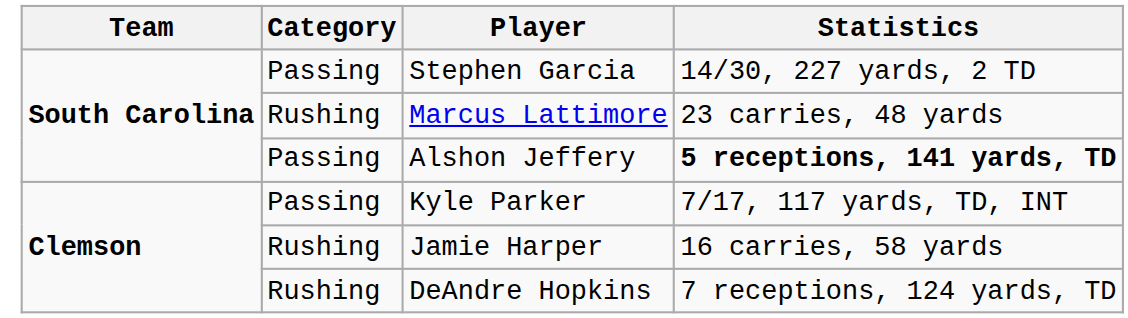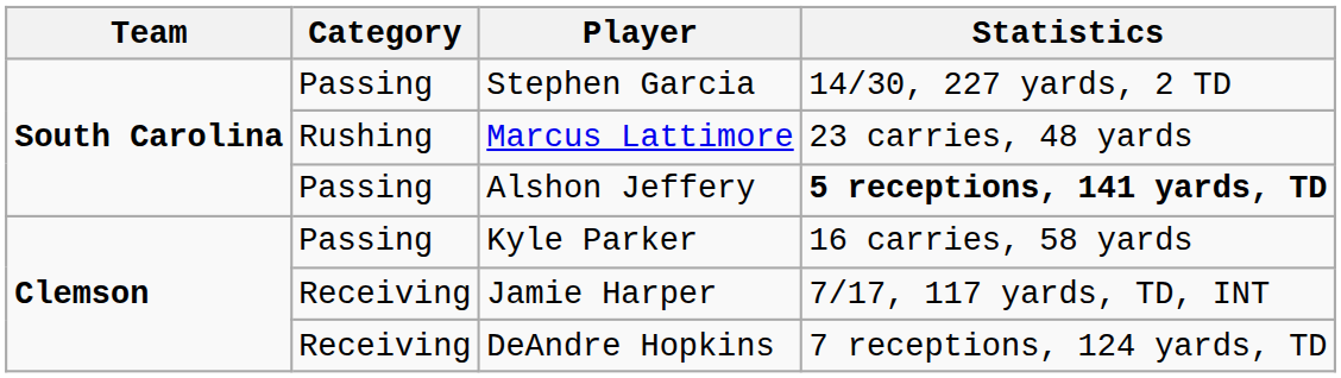 <table class="wikitable" style="float: right;">
 <tr>
 <th>Team</th>
 <th>Category</th>
 <th>Player</th>
 <th>Statistics</th>
 </tr>
 <tr>
 <td rowspan=3><strong>South Carolina</strong></td>
 <td>Passing</td>
 <td>Stephen Garcia</td>
 <td>14/30, 227 yards, 2 TD</td>
 </tr>
 <tr>
 <td>Rushing</td>
 <td><a href='#'>Marcus Lattimore</a></td>
 <td>23 carries, 48 yards</td>
 </tr>
 <tr>
 <td>Passing</td>
 <td>Alshon Jeffery</td>
 <td><strong>5 receptions, 141 yards, TD</strong></td>
 </tr>
 <tr>
 <td rowspan=3><strong>Clemson</strong></td>
 <td>Passing</td>
 <td>Kyle Parker</td>
+<td>16 carries, 58 yards</td>
+</tr>
+<tr>
+<td>Receiving</td>
+<td>Jamie Harper</td>
 <td>7/17, 117 yards, TD, INT</td>
 </tr>
 <tr>
-<td>Rushing</td>
-<td>Jamie Harper</td>
-<td>16 carries, 58 yards</td>
-</tr>
-<tr>
-<td>Rushing</td>
+<td>Receiving</td>
 <td>DeAndre Hopkins</td>
 <td>7 receptions, 124 yards, TD</td>
 </tr>
 </table>
